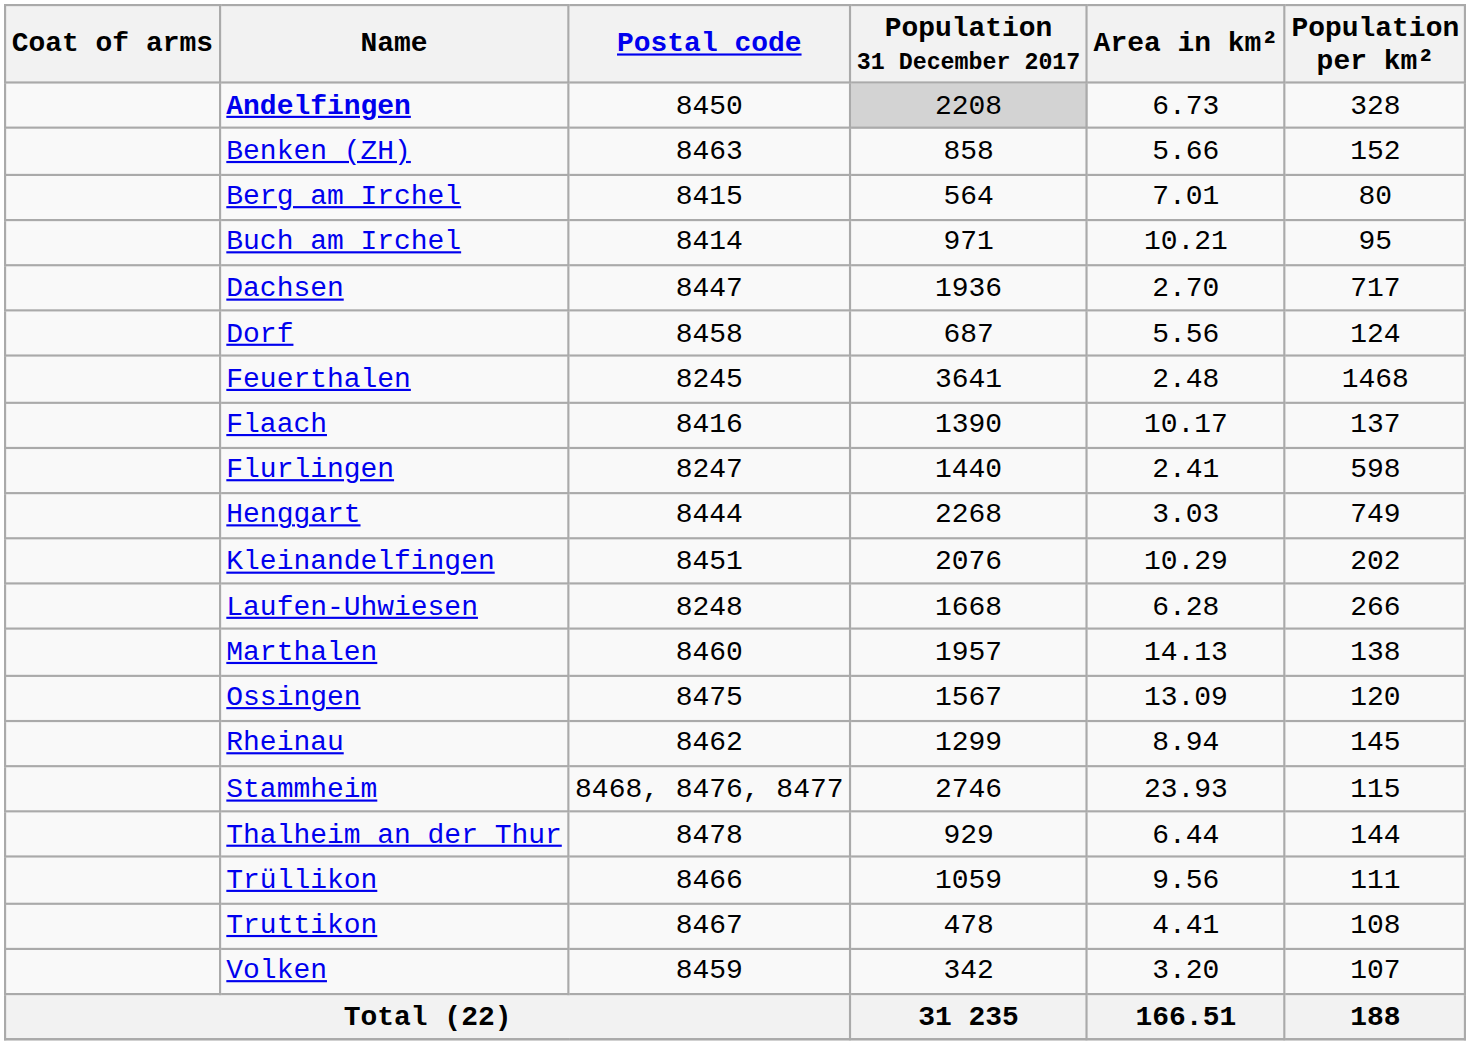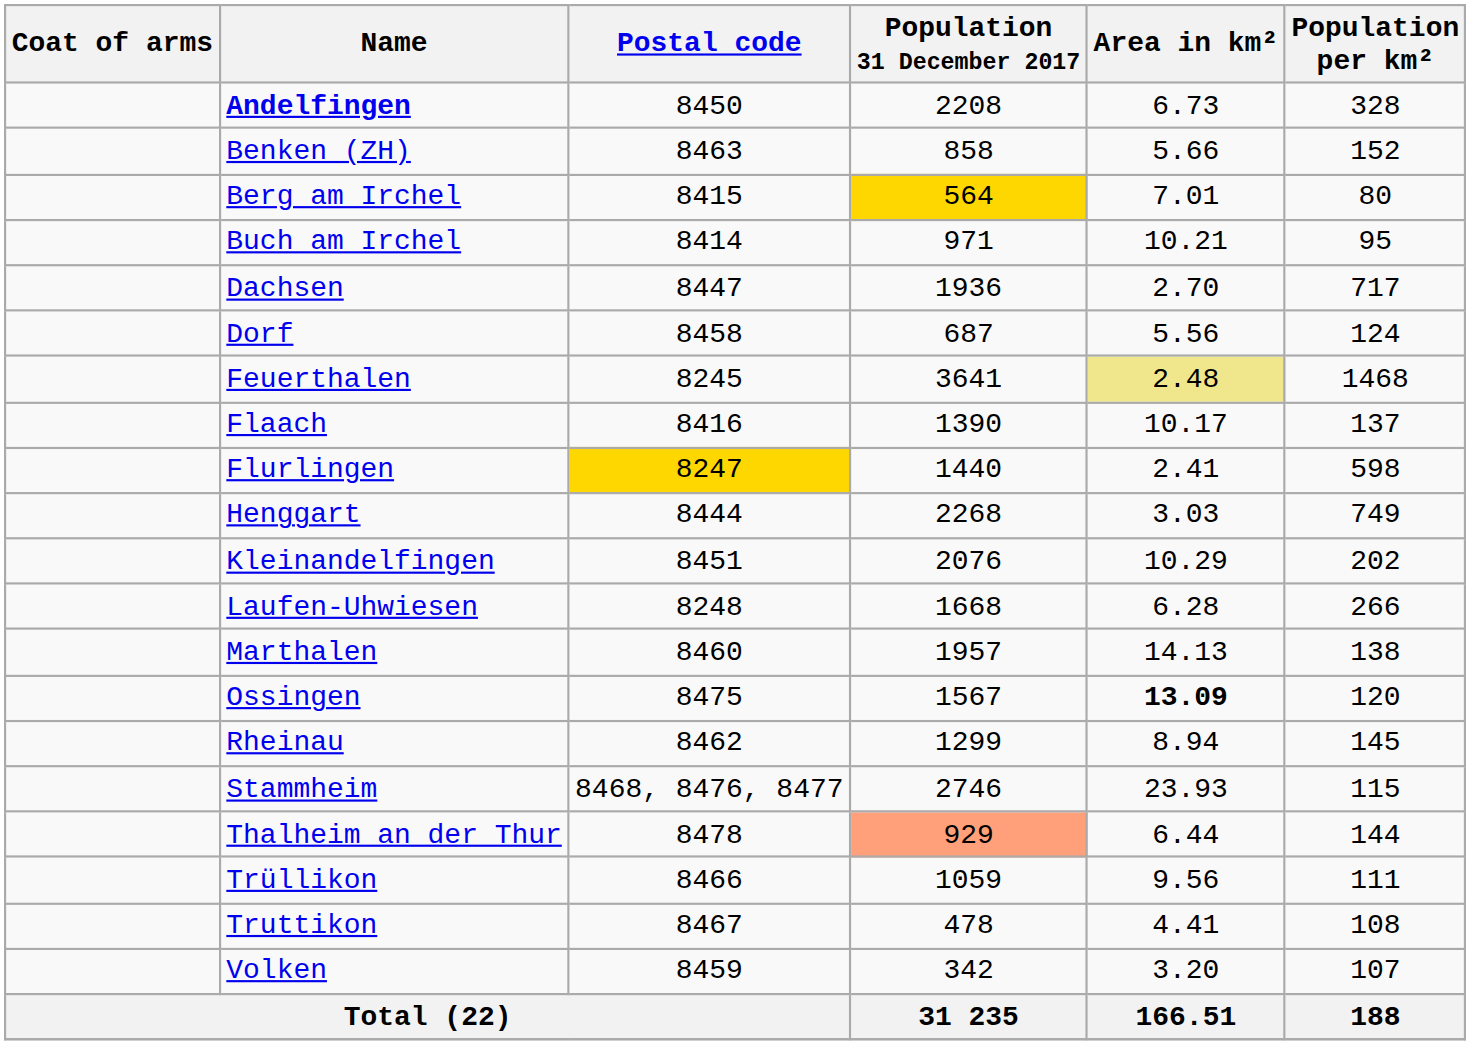 <table class="wikitable sortable" style="text-align:center">
 <tr>
 <th class="unsortable">Coat of arms</th>
 <th align="left">Name</th>
 <th align="left"><a href='#'>Postal code</a></th>
 <th>Population<br><small>31 December 2017</small></th>
 <th>Area in km²</th>
 <th>Population <br>per km²</th>
 </tr>
 <tr>
 <td></td>
 <td style="text-align:left"><strong><a href='#'>Andelfingen</a></strong></td>
 <td>8450</td>
-<td style="background: lightgrey;">2208</td>
+<td>2208</td>
 <td>6.73</td>
 <td>328</td>
 </tr>
 <tr>
 <td></td>
 <td style="text-align:left"><a href='#'>Benken (ZH)</a></td>
 <td>8463</td>
 <td>858</td>
 <td>5.66</td>
 <td>152</td>
 </tr>
 <tr>
 <td></td>
 <td style="text-align:left"><a href='#'>Berg am Irchel</a></td>
 <td>8415</td>
-<td>564</td>
+<td style="background: gold;">564</td>
 <td>7.01</td>
 <td>80</td>
 </tr>
 <tr>
 <td></td>
 <td style="text-align:left"><a href='#'>Buch am Irchel</a></td>
 <td>8414</td>
 <td>971</td>
 <td>10.21</td>
 <td>95</td>
 </tr>
 <tr>
 <td></td>
 <td style="text-align:left"><a href='#'>Dachsen</a></td>
 <td>8447</td>
 <td>1936</td>
 <td>2.70</td>
 <td>717</td>
 </tr>
 <tr>
 <td></td>
 <td style="text-align:left"><a href='#'>Dorf</a></td>
 <td>8458</td>
 <td>687</td>
 <td>5.56</td>
 <td>124</td>
 </tr>
 <tr>
 <td></td>
 <td style="text-align:left"><a href='#'>Feuerthalen</a></td>
 <td>8245</td>
 <td>3641</td>
-<td>2.48</td>
+<td style="background: khaki;">2.48</td>
 <td>1468</td>
 </tr>
 <tr>
 <td></td>
 <td style="text-align:left"><a href='#'>Flaach</a></td>
 <td>8416</td>
 <td>1390</td>
 <td>10.17</td>
 <td>137</td>
 </tr>
 <tr>
 <td></td>
 <td style="text-align:left"><a href='#'>Flurlingen</a></td>
-<td>8247</td>
+<td style="background: gold;">8247</td>
 <td>1440</td>
 <td>2.41</td>
 <td>598</td>
 </tr>
 <tr>
 <td></td>
 <td style="text-align:left"><a href='#'>Henggart</a></td>
 <td>8444</td>
 <td>2268</td>
 <td>3.03</td>
 <td>749</td>
 </tr>
 <tr>
 <td></td>
 <td style="text-align:left"><a href='#'>Kleinandelfingen</a></td>
 <td>8451</td>
 <td>2076</td>
 <td>10.29</td>
 <td>202</td>
 </tr>
 <tr>
 <td></td>
 <td style="text-align:left"><a href='#'>Laufen-Uhwiesen</a></td>
 <td>8248</td>
 <td>1668</td>
 <td>6.28</td>
 <td>266</td>
 </tr>
 <tr>
 <td></td>
 <td style="text-align:left"><a href='#'>Marthalen</a></td>
 <td>8460</td>
 <td>1957</td>
 <td>14.13</td>
 <td>138</td>
 </tr>
 <tr>
 <td></td>
 <td style="text-align:left"><a href='#'>Ossingen</a></td>
 <td>8475</td>
 <td>1567</td>
-<td>13.09</td>
+<td><strong>13.09</strong></td>
 <td>120</td>
 </tr>
 <tr>
 <td></td>
 <td style="text-align:left"><a href='#'>Rheinau</a></td>
 <td>8462</td>
 <td>1299</td>
 <td>8.94</td>
 <td>145</td>
 </tr>
 <tr>
 <td></td>
 <td style="text-align:left"><a href='#'>Stammheim</a></td>
 <td>8468, 8476, 8477</td>
 <td>2746</td>
 <td>23.93</td>
 <td>115</td>
 </tr>
 <tr>
 <td></td>
 <td style="text-align:left"><a href='#'>Thalheim an der Thur</a></td>
 <td>8478</td>
-<td>929</td>
+<td style="background: lightsalmon;">929</td>
 <td>6.44</td>
 <td>144</td>
 </tr>
 <tr>
 <td></td>
 <td style="text-align:left"><a href='#'>Trüllikon</a></td>
 <td>8466</td>
 <td>1059</td>
 <td>9.56</td>
 <td>111</td>
 </tr>
 <tr>
 <td></td>
 <td style="text-align:left"><a href='#'>Truttikon</a></td>
 <td>8467</td>
 <td>478</td>
 <td>4.41</td>
 <td>108</td>
 </tr>
 <tr>
 <td></td>
 <td style="text-align:left"><a href='#'>Volken</a></td>
 <td>8459</td>
 <td>342</td>
 <td>3.20</td>
 <td>107</td>
 </tr>
 <tr>
 <th colspan="3">Total (22)</th>
 <th>31 235</th>
 <th>166.51</th>
 <th>188</th>
 </tr>
 <tr>
 </tr>
 </table>
